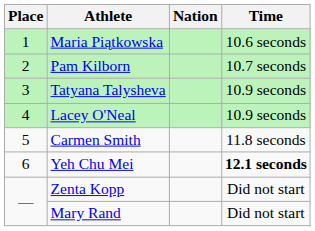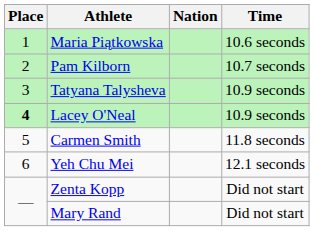 <table class="wikitable sortable" style="text-align:center">
 <tr>
 <th>Place</th>
 <th>Athlete</th>
 <th>Nation</th>
 <th>Time</th>
 </tr>
 <tr bgcolor=bbf3bb>
 <td>1</td>
 <td align=left><a href='#'>Maria Piątkowska</a></td>
 <td align=left></td>
 <td>10.6 seconds</td>
 </tr>
 <tr bgcolor=bbf3bb>
 <td>2</td>
 <td align=left><a href='#'>Pam Kilborn</a></td>
 <td align=left></td>
 <td>10.7 seconds</td>
 </tr>
 <tr bgcolor=bbf3bb>
 <td>3</td>
 <td align=left><a href='#'>Tatyana Talysheva</a></td>
 <td align=left></td>
 <td>10.9 seconds</td>
 </tr>
 <tr bgcolor=bbf3bb>
-<td>4</td>
+<td><strong>4</strong></td>
 <td align=left><a href='#'>Lacey O'Neal</a></td>
 <td align=left></td>
 <td>10.9 seconds</td>
 </tr>
 <tr>
 <td>5</td>
 <td align=left><a href='#'>Carmen Smith</a></td>
 <td align=left></td>
 <td>11.8 seconds</td>
 </tr>
 <tr>
 <td>6</td>
 <td align=left><a href='#'>Yeh Chu Mei</a></td>
 <td align=left></td>
-<td><strong>12.1 seconds</strong></td>
+<td>12.1 seconds</td>
 </tr>
 <tr>
 <td rowspan=2>—</td>
 <td align=left><a href='#'>Zenta Kopp</a></td>
 <td align=left></td>
 <td>Did not start</td>
 </tr>
 <tr>
 <td align=left><a href='#'>Mary Rand</a></td>
 <td align=left></td>
 <td>Did not start</td>
 </tr>
 </table>
